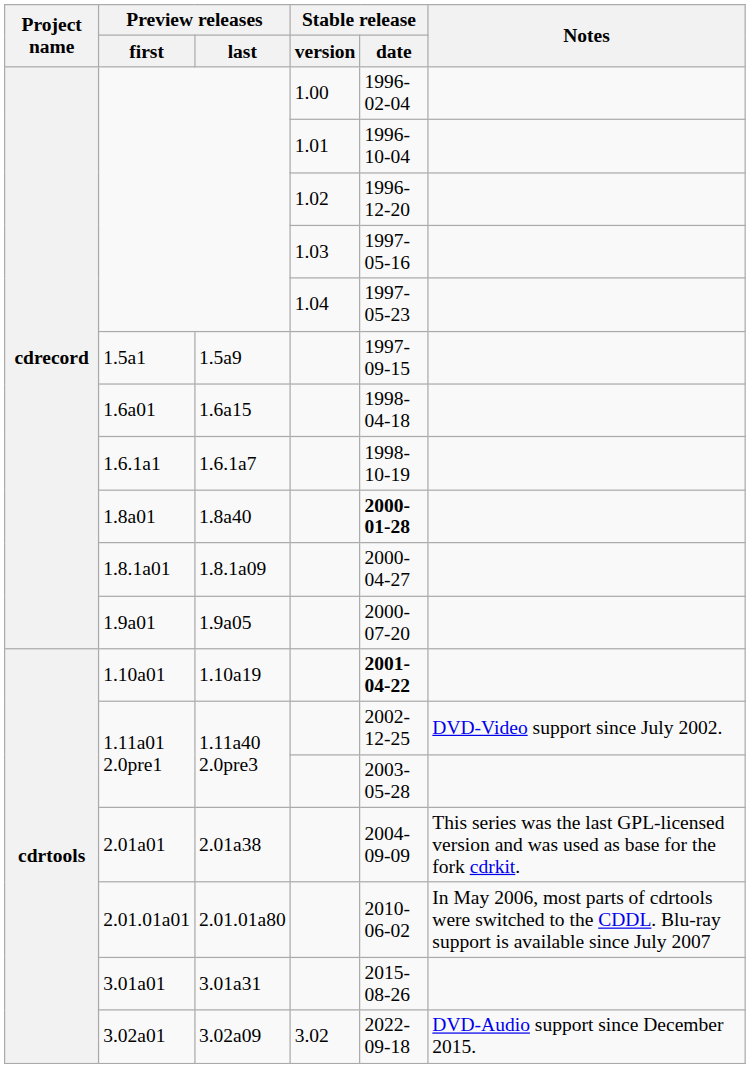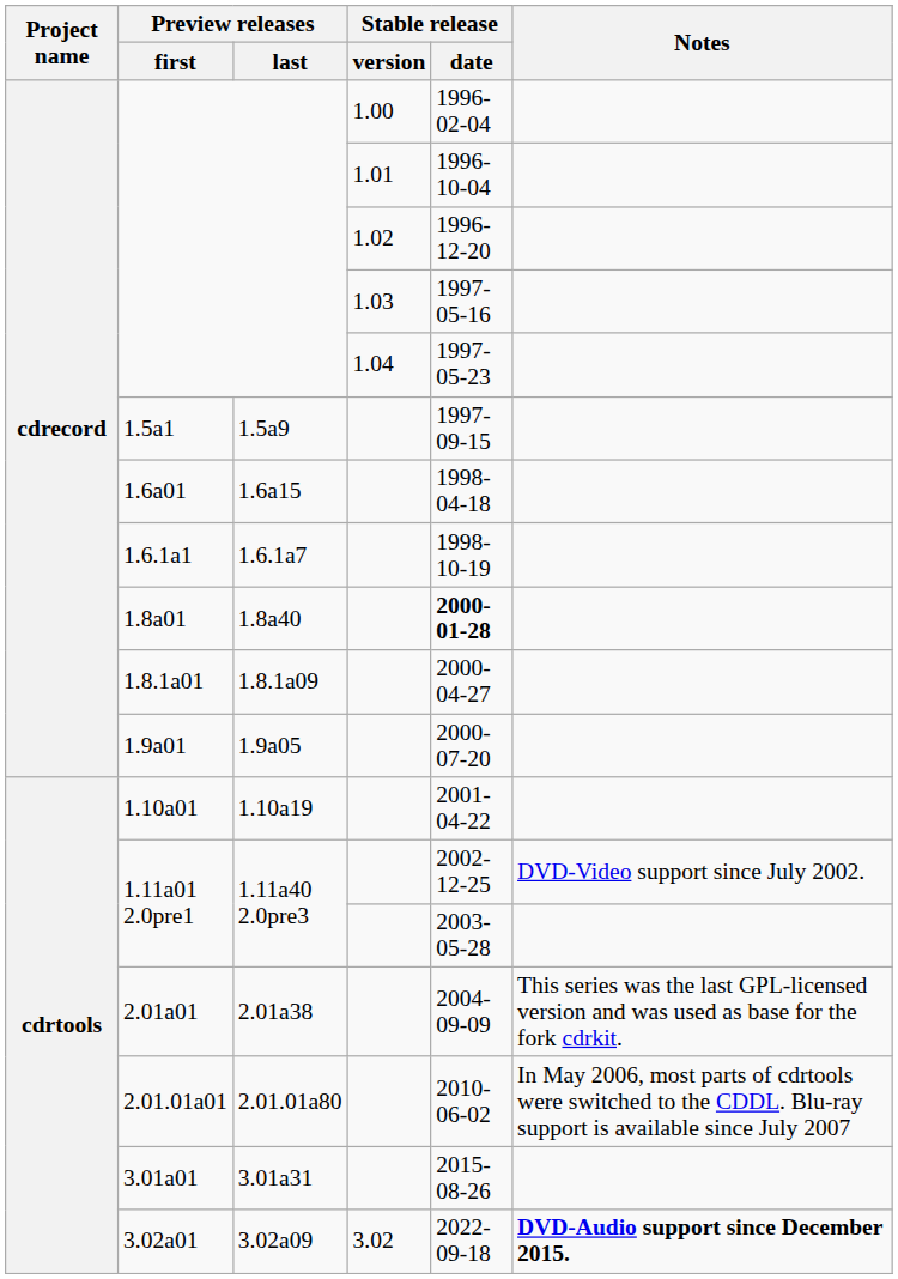 <table class="wikitable">
 <tr>
 <th rowspan="2">Project name</th>
 <th colspan="2">Preview releases</th>
 <th colspan="2">Stable release</th>
 <th rowspan="2">Notes</th>
 </tr>
 <tr>
 <th>first</th>
 <th>last</th>
 <th>version</th>
 <th>date</th>
 </tr>
 <tr>
 <th rowspan="11">cdrecord</th>
 <td rowspan="5" colspan="2"></td>
 <td>1.00</td>
 <td>1996-02-04</td>
 <td></td>
 </tr>
 <tr>
 <td>1.01</td>
 <td>1996-10-04</td>
 <td></td>
 </tr>
 <tr>
 <td>1.02</td>
 <td>1996-12-20</td>
 <td></td>
 </tr>
 <tr>
 <td>1.03</td>
 <td>1997-05-16</td>
 <td></td>
 </tr>
 <tr>
 <td>1.04</td>
 <td>1997-05-23</td>
 <td></td>
 </tr>
 <tr>
 <td>1.5a1</td>
 <td>1.5a9</td>
 <td></td>
 <td>1997-09-15</td>
 <td></td>
 </tr>
 <tr>
 <td>1.6a01</td>
 <td>1.6a15</td>
 <td></td>
 <td>1998-04-18</td>
 <td></td>
 </tr>
 <tr>
 <td>1.6.1a1</td>
 <td>1.6.1a7</td>
 <td></td>
 <td>1998-10-19</td>
 <td></td>
 </tr>
 <tr>
 <td>1.8a01</td>
 <td>1.8a40</td>
 <td></td>
 <td><strong>2000-01-28</strong></td>
 <td></td>
 </tr>
 <tr>
 <td>1.8.1a01</td>
 <td>1.8.1a09</td>
 <td></td>
 <td>2000-04-27</td>
 <td></td>
 </tr>
 <tr>
 <td>1.9a01</td>
 <td>1.9a05</td>
 <td></td>
 <td>2000-07-20</td>
 <td></td>
 </tr>
 <tr>
 <th rowspan="7">cdrtools</th>
 <td>1.10a01</td>
 <td>1.10a19</td>
 <td></td>
-<td><strong>2001-04-22</strong></td>
+<td>2001-04-22</td>
 <td></td>
 </tr>
 <tr>
 <td rowspan="2">1.11a01<br>2.0pre1</td>
 <td rowspan="2">1.11a40<br>2.0pre3</td>
 <td></td>
 <td>2002-12-25</td>
 <td><a href='#'>DVD-Video</a> support since July 2002.</td>
 </tr>
 <tr>
 <td></td>
 <td>2003-05-28</td>
 <td></td>
 </tr>
 <tr>
 <td>2.01a01</td>
 <td>2.01a38</td>
 <td></td>
 <td>2004-09-09</td>
 <td>This series was the last GPL-licensed version and was used as base for the fork <a href='#'>cdrkit</a>.</td>
 </tr>
 <tr>
 <td>2.01.01a01</td>
 <td>2.01.01a80</td>
 <td></td>
 <td>2010-06-02</td>
 <td>In May 2006, most parts of cdrtools were switched to the <a href='#'>CDDL</a>. Blu-ray support is available since July 2007</td>
 </tr>
 <tr>
 <td>3.01a01</td>
 <td>3.01a31</td>
 <td></td>
 <td>2015-08-26</td>
 </tr>
 <tr>
 <td>3.02a01</td>
 <td>3.02a09</td>
 <td>3.02</td>
 <td>2022-09-18</td>
-<td><a href='#'>DVD-Audio</a> support since December 2015.</td>
+<td><strong><a href='#'>DVD-Audio</a> support since December 2015.</strong></td>
 </tr>
 <tr>
 </tr>
 </table>
